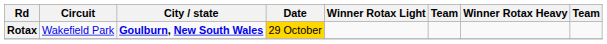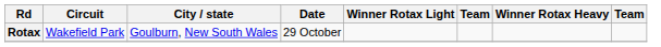 <table class="wikitable" style="font-size: 90%">
 <tr>
 <th>Rd</th>
 <th>Circuit</th>
 <th>City / state</th>
 <th>Date</th>
 <th>Winner Rotax Light</th>
 <th>Team</th>
 <th>Winner Rotax Heavy</th>
 <th>Team</th>
 </tr>
 <tr>
 <th>Rotax</th>
 <td> <a href='#'>Wakefield Park</a></td>
-<td><strong><a href='#'>Goulburn</a>, <a href='#'>New South Wales</a></strong></td>
-<td style="background: gold;">29 October</td>
+<td><a href='#'>Goulburn</a>, <a href='#'>New South Wales</a></td>
+<td>29 October</td>
 <td></td>
 <td></td>
 <td></td>
 <td></td>
 </tr>
 <tr>
 </tr>
 </table>
